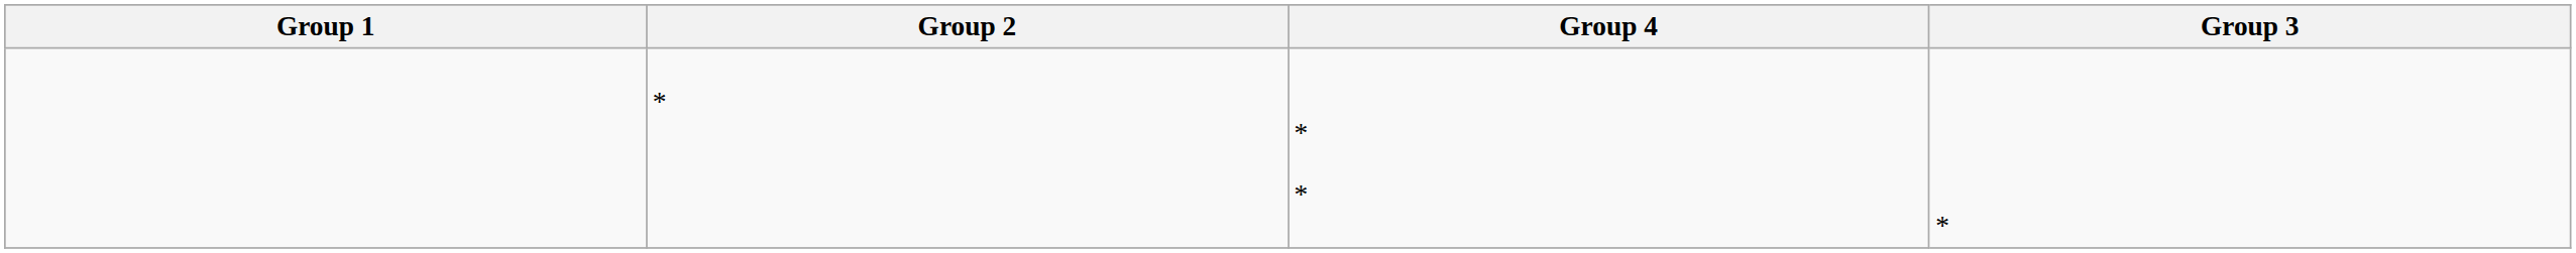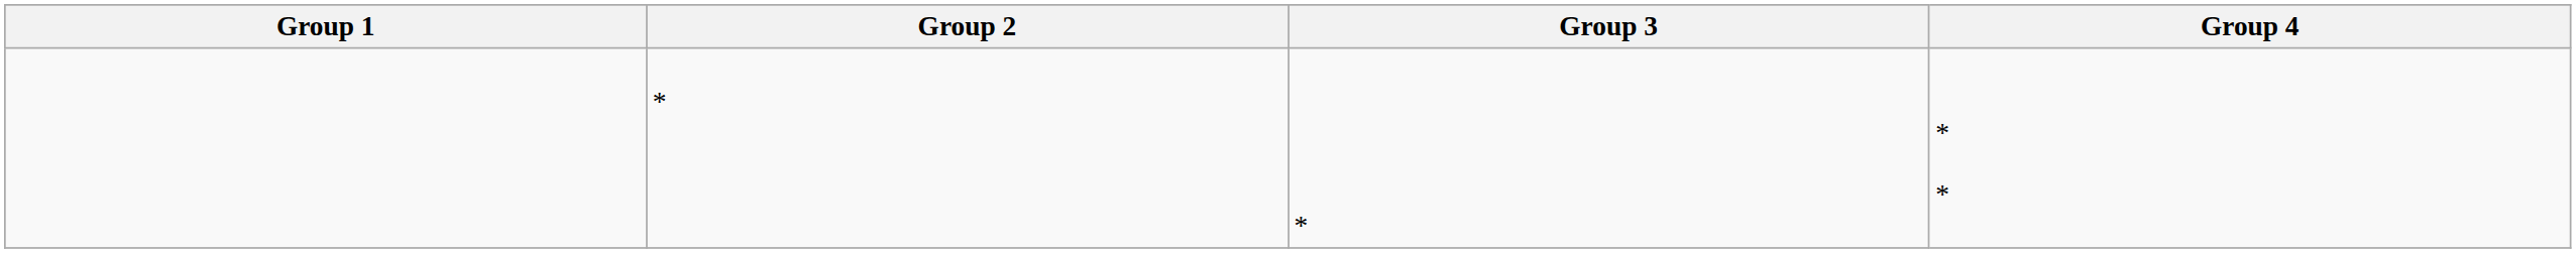 <table class="wikitable" width=75%>
 <tr>
 <th width=25%>Group 1</th>
 <th width=25%>Group 2</th>
+<th width=25%>Group 3</th>
 <th width=25%>Group 4</th>
-<th width=25%>Group 3</th>
 </tr>
 <tr>
 <td valign=top><br><br> <br> <br> <br> <br> </td>
 <td valign=top><br><s></s> *<br> <br> <br> <br> <br> </td>
+<td valign=top><br><br> <br> <br> <br> <s></s> *<br> </td>
 <td valign=top><br><br> <s></s> *<br> <br> <s></s> *<br> <br> </td>
-<td valign=top><br><br> <br> <br> <br> <s></s> *<br> </td>
 </tr>
 </table>
